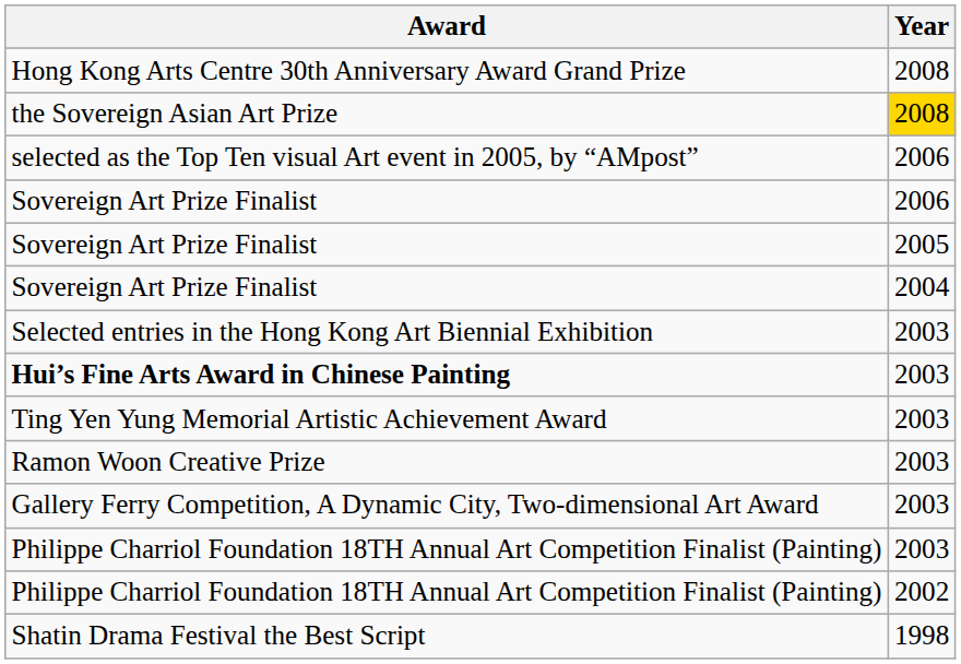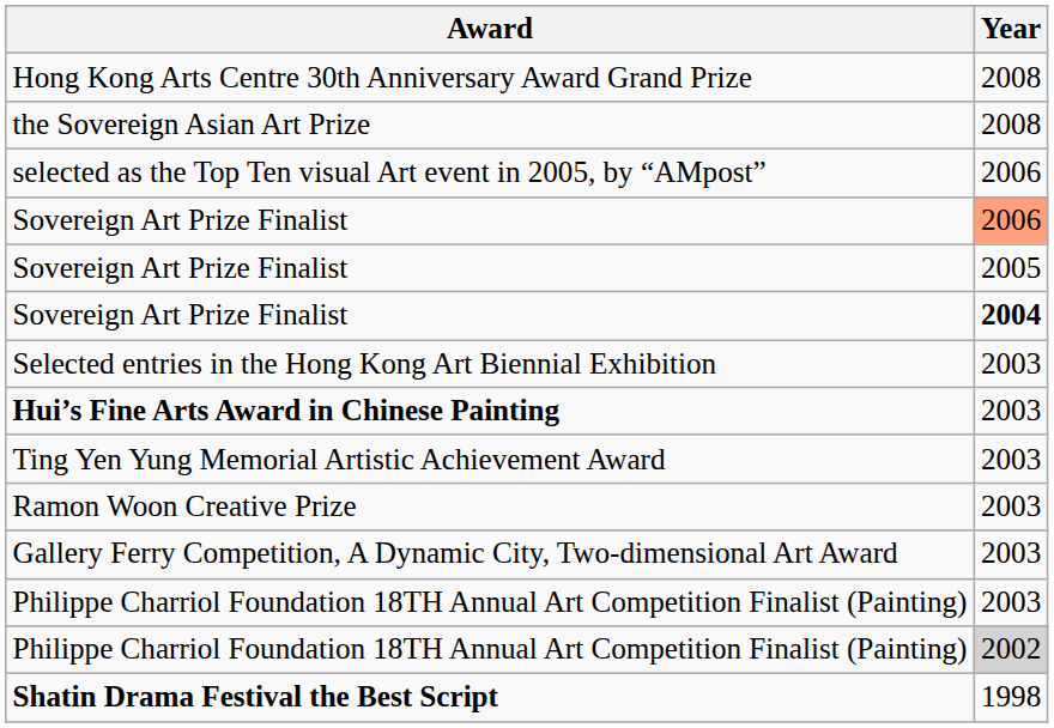 <table class="wikitable">
 <tr>
 <th>Award</th>
 <th>Year</th>
 </tr>
 <tr>
 <td>Hong Kong Arts Centre 30th Anniversary Award Grand Prize</td>
 <td>2008</td>
 </tr>
 <tr>
 <td>the Sovereign Asian Art Prize</td>
-<td style="background: gold;">2008</td>
+<td>2008</td>
 </tr>
 <tr>
 <td>selected as the Top Ten visual Art event in 2005, by “AMpost”</td>
 <td>2006</td>
 </tr>
 <tr>
 <td>Sovereign Art Prize Finalist</td>
-<td>2006</td>
+<td style="background: lightsalmon;">2006</td>
 </tr>
 <tr>
 <td>Sovereign Art Prize Finalist</td>
 <td>2005</td>
 </tr>
 <tr>
 <td>Sovereign Art Prize Finalist</td>
-<td>2004</td>
+<td><strong>2004</strong></td>
 </tr>
 <tr>
 <td>Selected entries in the Hong Kong Art Biennial Exhibition</td>
 <td>2003</td>
 </tr>
 <tr>
 <td><strong>Hui’s Fine Arts Award in Chinese Painting</strong></td>
 <td>2003</td>
 </tr>
 <tr>
 <td>Ting Yen Yung Memorial Artistic Achievement Award</td>
 <td>2003</td>
 </tr>
 <tr>
 <td>Ramon Woon Creative Prize</td>
 <td>2003</td>
 </tr>
 <tr>
 <td>Gallery Ferry Competition, A Dynamic City, Two-dimensional Art Award</td>
 <td>2003</td>
 </tr>
 <tr>
 <td>Philippe Charriol Foundation 18TH Annual Art Competition Finalist (Painting)</td>
 <td>2003</td>
 </tr>
 <tr>
 <td>Philippe Charriol Foundation 18TH Annual Art Competition Finalist (Painting)</td>
-<td>2002</td>
+<td style="background: lightgrey;">2002</td>
 </tr>
 <tr>
-<td>Shatin Drama Festival the Best Script</td>
+<td><strong>Shatin Drama Festival the Best Script</strong></td>
 <td>1998</td>
 </tr>
 </table>
